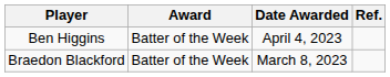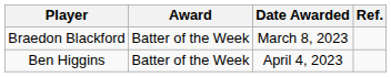 <table class="wikitable sortable sortable" style="text-align: center">
 <tr align=center>
 <th>Player</th>
 <th>Award</th>
 <th>Date Awarded</th>
 <th>Ref.</th>
 </tr>
 <tr>
+<td>Braedon Blackford</td>
+<td rowspan="1">Batter of the Week</td>
+<td rowspan="1">March 8, 2023</td>
+<td rowspan="1"></td>
+</tr>
+<tr>
 <td>Ben Higgins</td>
 <td rowspan="1">Batter of the Week</td>
 <td rowspan="1">April 4, 2023</td>
 <td rowspan="1"></td>
 </tr>
-<tr>
-<td>Braedon Blackford</td>
-<td rowspan="1">Batter of the Week</td>
-<td rowspan="1">March 8, 2023</td>
-<td rowspan="1"></td>
-</tr>
 </table>
